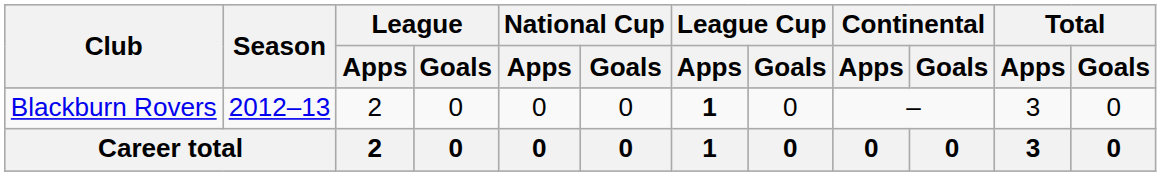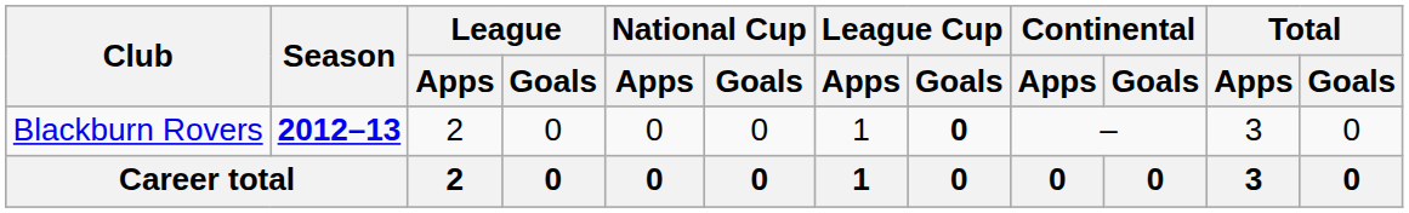 <table class="wikitable" style="text-align:center">
 <tr>
 <th rowspan="2">Club</th>
 <th rowspan="2">Season</th>
 <th colspan="2">League</th>
 <th colspan="2">National Cup</th>
 <th colspan="2">League Cup</th>
 <th colspan="2">Continental</th>
 <th colspan="2">Total</th>
 </tr>
 <tr>
 <th>Apps</th>
 <th>Goals</th>
 <th>Apps</th>
 <th>Goals</th>
 <th>Apps</th>
 <th>Goals</th>
 <th>Apps</th>
 <th>Goals</th>
 <th>Apps</th>
 <th>Goals</th>
 </tr>
 <tr>
 <td><a href='#'>Blackburn Rovers</a></td>
-<td><a href='#'>2012–13</a></td>
+<td><strong><a href='#'>2012–13</a></strong></td>
 <td>2</td>
 <td>0</td>
 <td>0</td>
 <td>0</td>
-<td><strong>1</strong></td>
-<td>0</td>
+<td>1</td>
+<td><strong>0</strong></td>
 <td colspan="2">–</td>
 <td>3</td>
 <td>0</td>
 </tr>
 <tr>
 <th colspan="2">Career total</th>
 <th>2</th>
 <th>0</th>
 <th>0</th>
 <th>0</th>
 <th>1</th>
 <th>0</th>
 <th>0</th>
 <th>0</th>
 <th>3</th>
 <th>0</th>
 </tr>
 </table>
